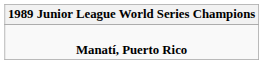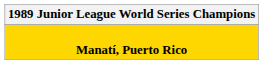 <table class="wikitable" style="text-align: center; margin: 0 auto;">
 <tr>
 <th>1989 Junior League World Series Champions</th>
 </tr>
 <tr>
 </tr>
 <tr>
-<td><br><strong>Manatí, Puerto Rico</strong></td>
+<td style="background: gold;"><br><strong>Manatí, Puerto Rico</strong></td>
 </tr>
 </table>
